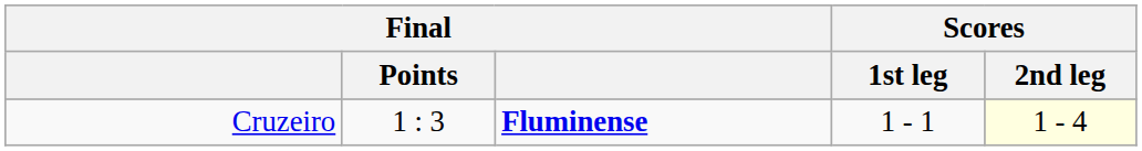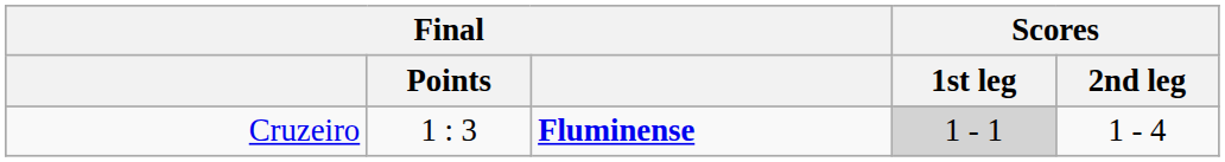 <table class="wikitable" style="text-align:center;">
 <tr>
 <th colspan=3>Final</th>
 <th colspan=3>Scores</th>
 </tr>
 <tr>
 <th width="175"></th>
 <th width="75">Points</th>
 <th width="175"></th>
 <th width="75">1st leg</th>
 <th width="75">2nd leg</th>
 </tr>
 <tr>
 <td align=right><a href='#'>Cruzeiro</a></td>
 <td>1 : 3</td>
 <td align=left><strong><a href='#'>Fluminense</a></strong></td>
-<td>1 - 1</td>
-<td style="background: lightyellow;">1 - 4</td>
+<td style="background: lightgrey;">1 - 1</td>
+<td>1 - 4</td>
 </tr>
 </table>
